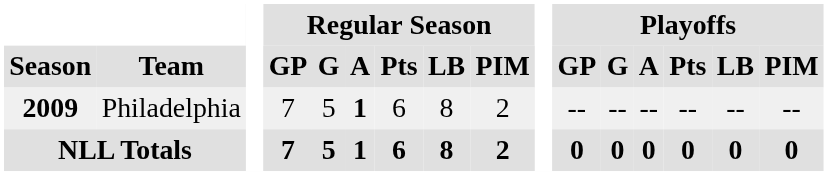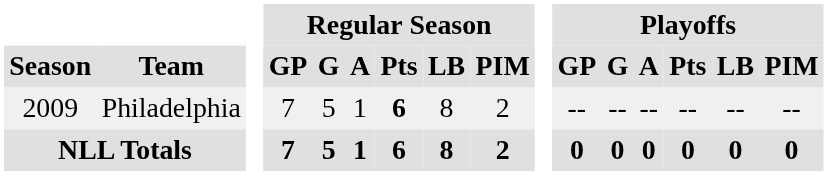 <table BORDER="0" CELLPADDING="3" CELLSPACING="0">
 <tr ALIGN="center" bgcolor="#e0e0e0">
 <th colspan="2" bgcolor="#ffffff"> </th>
 <th rowspan="99" bgcolor="#ffffff"> </th>
 <th colspan="6">Regular Season</th>
 <th rowspan="99" bgcolor="#ffffff"> </th>
 <th colspan="6">Playoffs</th>
 </tr>
 <tr ALIGN="center" bgcolor="#e0e0e0">
 <th>Season</th>
 <th>Team</th>
 <th>GP</th>
 <th>G</th>
 <th>A</th>
 <th>Pts</th>
 <th>LB</th>
 <th>PIM</th>
 <th>GP</th>
 <th>G</th>
 <th>A</th>
 <th>Pts</th>
 <th>LB</th>
 <th>PIM</th>
 </tr>
 <tr ALIGN="center" bgcolor="#f0f0f0">
-<td><strong>2009</strong></td>
+<td>2009</td>
 <td>Philadelphia</td>
 <td>7</td>
 <td>5</td>
-<td><strong>1</strong></td>
-<td>6</td>
+<td>1</td>
+<td><strong>6</strong></td>
 <td>8</td>
 <td>2</td>
 <td>--</td>
 <td>--</td>
 <td>--</td>
 <td>--</td>
 <td>--</td>
 <td>--</td>
 </tr>
 <tr ALIGN="center" bgcolor="#e0e0e0">
 <th colspan="2">NLL Totals</th>
 <th>7</th>
 <th>5</th>
 <th>1</th>
 <th>6</th>
 <th>8</th>
 <th>2</th>
 <th>0</th>
 <th>0</th>
 <th>0</th>
 <th>0</th>
 <th>0</th>
 <th>0</th>
 </tr>
 </table>
